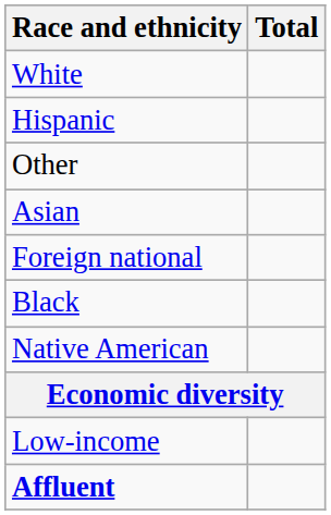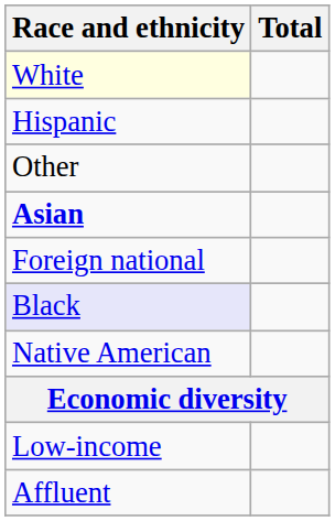 <table class="wikitable floatright sortable collapsible"; text-align:right; font-size:80%;">
 <tr>
 <th>Race and ethnicity</th>
 <th colspan="2" data-sort-type=number>Total</th>
 </tr>
 <tr>
-<td><a href='#'>White</a></td>
+<td style="background: lightyellow;"><a href='#'>White</a></td>
 <td align=right></td>
 </tr>
 <tr>
 <td><a href='#'>Hispanic</a></td>
 <td align=right></td>
 </tr>
 <tr>
 <td>Other</td>
 <td align=right></td>
 </tr>
 <tr>
-<td><a href='#'>Asian</a></td>
+<td><strong><a href='#'>Asian</a></strong></td>
 <td align=right></td>
 </tr>
 <tr>
 <td><a href='#'>Foreign national</a></td>
 <td align=right></td>
 </tr>
 <tr>
-<td><a href='#'>Black</a></td>
+<td style="background: lavender;"><a href='#'>Black</a></td>
 <td align=right></td>
 </tr>
 <tr>
 <td><a href='#'>Native American</a></td>
 <td align=right></td>
 </tr>
 <tr>
 <th colspan="4" data-sort-type=number><a href='#'>Economic diversity</a></th>
 </tr>
 <tr>
 <td><a href='#'>Low-income</a></td>
 <td align=right></td>
 </tr>
 <tr>
-<td><strong><a href='#'>Affluent</a></strong></td>
+<td><a href='#'>Affluent</a></td>
 <td align=right></td>
 </tr>
 </table>
